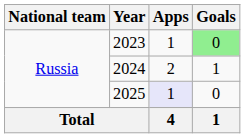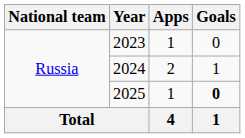 <table class="wikitable" style="text-align:center">
 <tr>
 <th>National team</th>
 <th>Year</th>
 <th>Apps</th>
 <th>Goals</th>
 </tr>
 <tr>
 <td rowspan="3"><a href='#'>Russia</a></td>
 <td>2023</td>
 <td>1</td>
-<td style="background: lightgreen;">0</td>
+<td>0</td>
 </tr>
 <tr>
 <td>2024</td>
 <td>2</td>
 <td>1</td>
 </tr>
 <tr>
 <td>2025</td>
-<td style="background: lavender;">1</td>
-<td>0</td>
+<td>1</td>
+<td><strong>0</strong></td>
 </tr>
 <tr>
 <th colspan="2">Total</th>
 <th>4</th>
 <th>1</th>
 </tr>
 </table>
